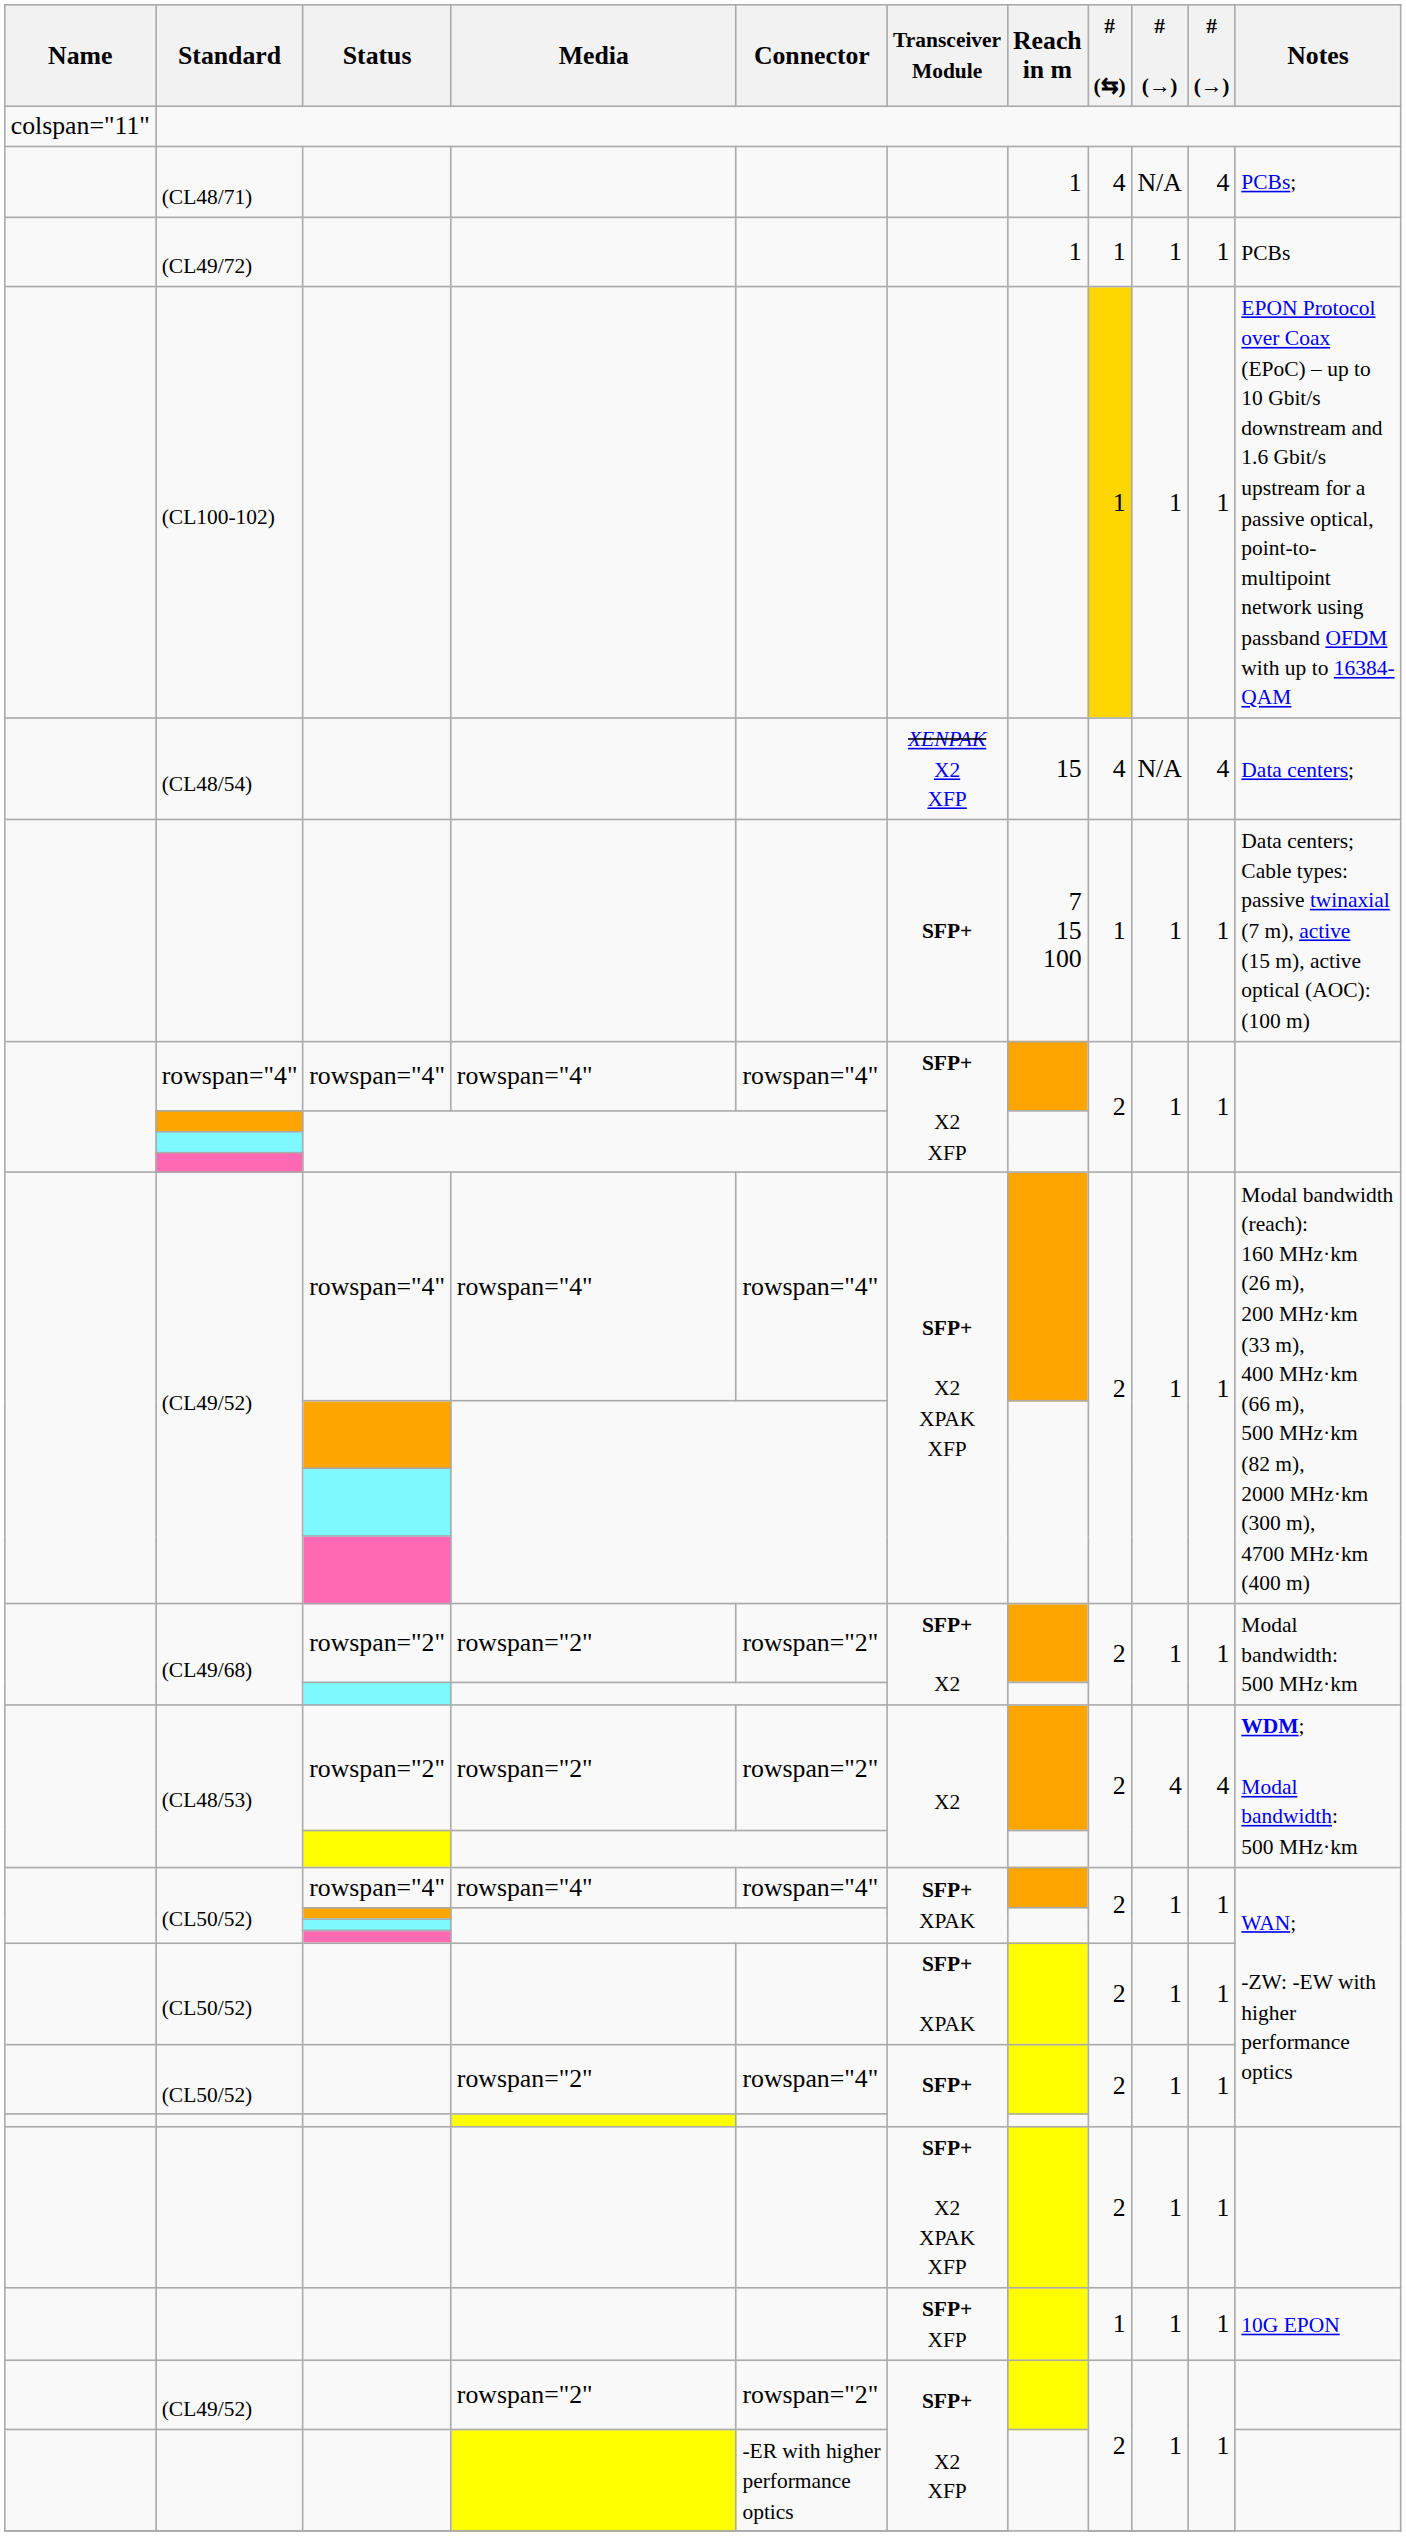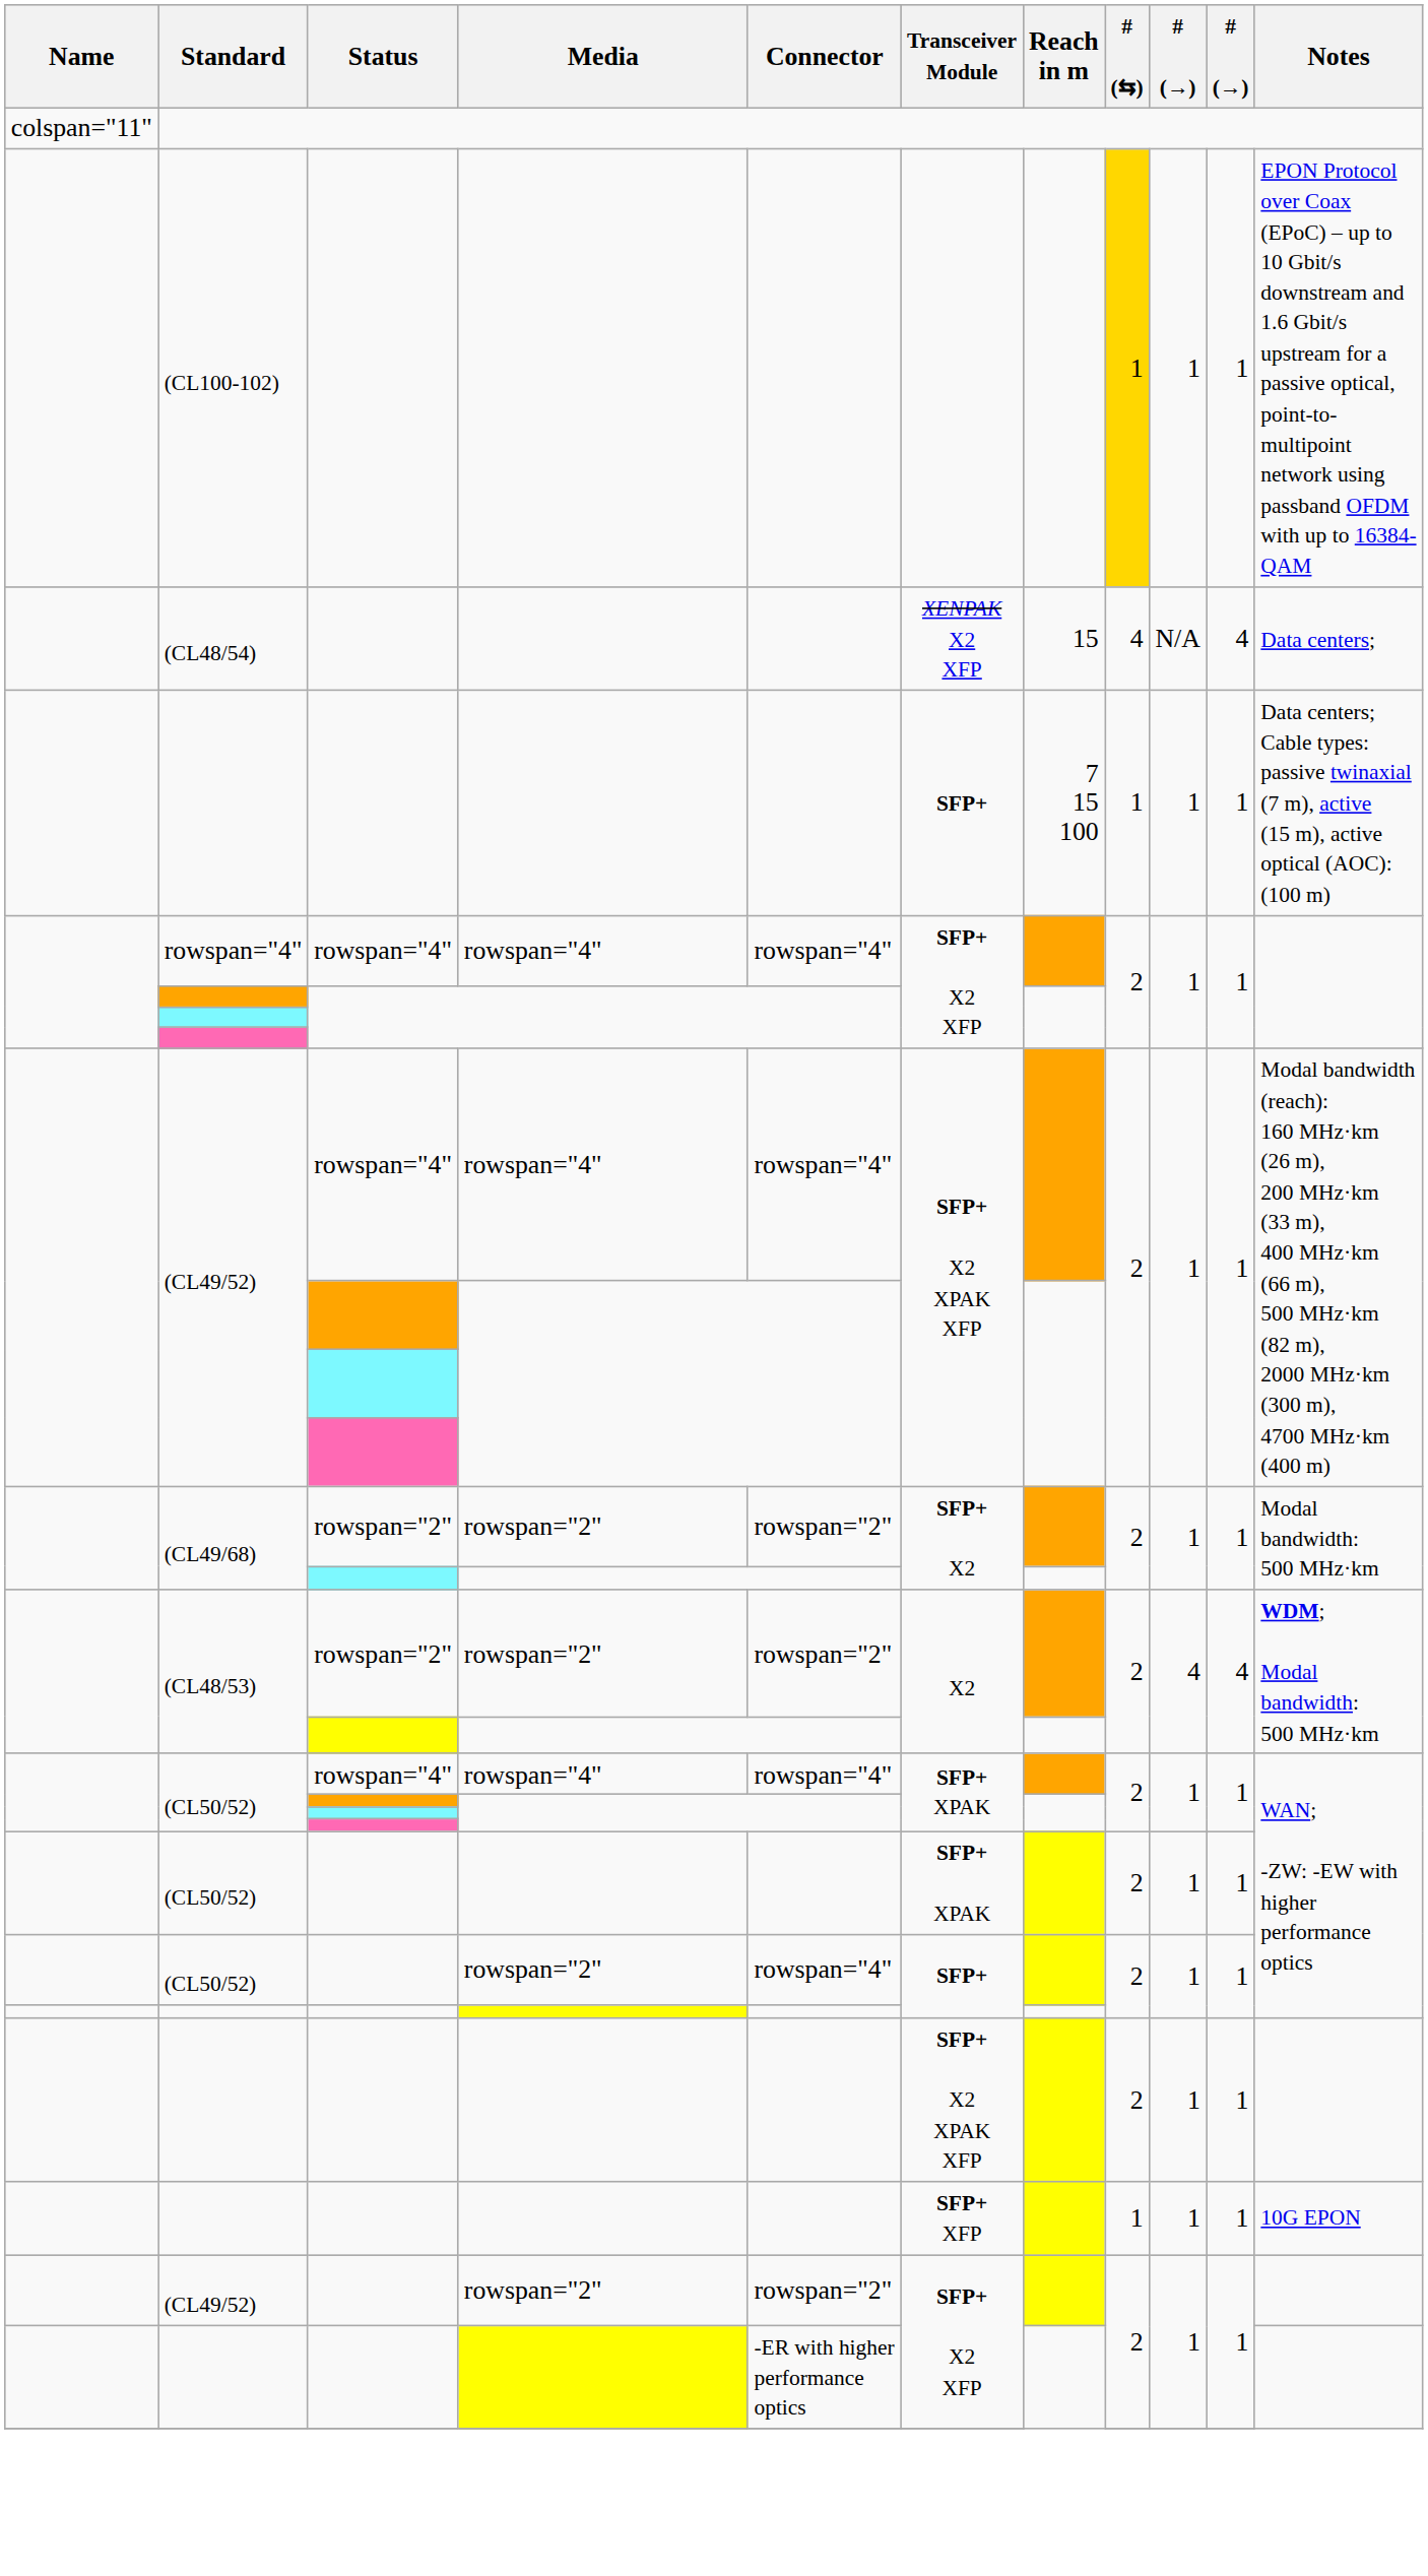 <table class="wikitable" style="line-height:110%;">
 <tr>
 <th>Name</th>
 <th>Standard</th>
 <th>Status</th>
 <th style="width: 170px;">Media</th>
 <th>Connector</th>
 <th><small>Transceiver<br>Module</small></th>
 <th>Reach<br>in m</th>
 <th><small>#<br><br>(⇆)</small></th>
 <th><small>#<br><br>(→)</small></th>
 <th><small>#<br><br>(→)</small></th>
 <th>Notes</th>
 </tr>
 <tr>
 <td>colspan="11"  </td>
-</tr>
-<tr>
-<td></td>
-<td><br><small>(CL48/71)</small></td>
-<td></td>
-<td></td>
-<td></td>
-<td></td>
-<td style="text-align:right;">1</td>
-<td style="text-align:right;">4</td>
-<td style="text-align:right;">N/A</td>
-<td style="text-align:right;">4</td>
-<td><small><a href='#'>PCBs</a>;<br></small></td>
-</tr>
-<tr>
-<td></td>
-<td><br><small>(CL49/72)</small></td>
-<td></td>
-<td></td>
-<td></td>
-<td></td>
-<td style="text-align:right;">1</td>
-<td style="text-align:right;">1</td>
-<td style="text-align:right;">1</td>
-<td style="text-align:right;">1</td>
-<td><small>PCBs</small></td>
 </tr>
 <tr>
 <td></td>
 <td><br><small>(CL100-102)</small></td>
 <td></td>
 <td></td>
 <td></td>
 <td></td>
 <td style="text-align:right;"></td>
 <td style="background: gold; text-align:right;">1</td>
 <td style="text-align:right;">1</td>
 <td style="text-align:right;">1</td>
 <td><small><a href='#'>EPON Protocol over Coax</a> (EPoC) – up to 10 Gbit/s downstream and 1.6 Gbit/s upstream for a passive optical, point-to-multipoint network using passband <a href='#'>OFDM</a> with up to <a href='#'>16384-QAM</a></small></td>
 </tr>
 <tr>
 <td></td>
 <td><br><small>(CL48/54)</small></td>
 <td></td>
 <td></td>
 <td></td>
 <td align="center"><small><em><del><a href='#'>XENPAK</a></del></em> <br><a href='#'>X2</a><br><a href='#'>XFP</a></small></td>
 <td style="text-align:right;">15</td>
 <td style="text-align:right;">4</td>
 <td style="text-align:right;">N/A</td>
 <td style="text-align:right;">4</td>
 <td><small><a href='#'>Data centers</a>;<br></small></td>
 </tr>
 <tr>
 <td><br><small></small></td>
 <td></td>
 <td></td>
 <td></td>
 <td></td>
 <td align="center"><small><strong>SFP+</strong></small></td>
 <td style="text-align:right;">7<br>15<br>100</td>
 <td style="text-align:right;">1</td>
 <td style="text-align:right;">1</td>
 <td style="text-align:right;">1</td>
 <td><small>Data centers;<br>Cable types: passive <a href='#'>twinaxial</a> (7 m), <a href='#'>active</a> (15 m), active optical (AOC): (100 m)</small></td>
 </tr>
 <tr>
 <td rowspan="4"></td>
 <td>rowspan="4" </td>
 <td>rowspan="4" </td>
 <td>rowspan="4" </td>
 <td>rowspan="4" </td>
 <td rowspan="4" align="center"><small><strong>SFP+</strong><br><br>X2<br>XFP</small></td>
 <td style="background-color:orange"></td>
 <td rowspan="4" align="right">2</td>
 <td rowspan="4" align="right">1</td>
 <td rowspan="4" align="right">1</td>
 <td rowspan="4"></td>
 </tr>
 <tr>
 <td style="background-color:orange"></td>
 </tr>
 <tr>
 <td style="background-color:#7DF9FF"></td>
 </tr>
 <tr>
 <td style="background-color:#FF69B4"></td>
 </tr>
 <tr>
 <td rowspan="4"></td>
 <td rowspan="4"><br><small>(CL49/52)</small></td>
 <td>rowspan="4" </td>
 <td>rowspan="4" </td>
 <td>rowspan="4" </td>
 <td rowspan="4" align="center"><small><strong>SFP+</strong><br><br>X2<br>XPAK<br>XFP</small></td>
 <td style="background-color:orange"></td>
 <td rowspan="4" align="right">2</td>
 <td rowspan="4" align="right">1</td>
 <td rowspan="4" align="right">1</td>
 <td rowspan="4"><small>Modal bandwidth (reach): 160 MHz·km (26 m), 200 MHz·km (33 m),<br>400 MHz·km (66 m), 500 MHz·km (82 m), 2000 MHz·km (300 m),<br>4700 MHz·km (400 m)</small></td>
 </tr>
 <tr>
 <td style="background-color:orange"></td>
 </tr>
 <tr>
 <td style="background-color:#7DF9FF"></td>
 </tr>
 <tr>
 <td style="background-color:#FF69B4"></td>
 </tr>
 <tr>
 <td rowspan="2"></td>
 <td rowspan="2"><br><small>(CL49/68)</small></td>
 <td>rowspan="2" </td>
 <td>rowspan="2" </td>
 <td>rowspan="2" </td>
 <td rowspan="2" align="center"><small><strong>SFP+</strong><br><br>X2</small></td>
 <td style="background-color:orange"></td>
 <td rowspan="2" align="right">2</td>
 <td rowspan="2" align="right">1</td>
 <td rowspan="2" align="right">1</td>
 <td rowspan="2"> <small>Modal bandwidth: 500 MHz·km</small></td>
 </tr>
 <tr>
 <td style="background-color:#7DF9FF"></td>
 </tr>
 <tr>
 <td rowspan="2"></td>
 <td rowspan="2"><br><small>(CL48/53)</small></td>
 <td>rowspan="2" </td>
 <td>rowspan="2" </td>
 <td>rowspan="2" </td>
 <td rowspan="2" align="center"><small><br>X2</small></td>
 <td style="background-color:orange"></td>
 <td rowspan="2" align="right">2</td>
 <td rowspan="2" align="right">4</td>
 <td rowspan="2" align="right">4</td>
 <td rowspan="2"><small><strong><a href='#'>WDM</a></strong>; <br><br><a href='#'>Modal bandwidth</a>: 500 MHz·km</small></td>
 </tr>
 <tr>
 <td style="background-color:yellow"></td>
 </tr>
 <tr>
 <td rowspan="4"></td>
 <td rowspan="4"><br><small>(CL50/52)</small></td>
 <td>rowspan="4" </td>
 <td>rowspan="4" </td>
 <td>rowspan="4" </td>
 <td rowspan="4" align="center"><small><strong>SFP+</strong><br>XPAK</small></td>
 <td style="background-color:orange"></td>
 <td rowspan="4" align="right">2</td>
 <td rowspan="4" align="right">1</td>
 <td rowspan="4" align="right">1</td>
 <td rowspan="7"><small><a href='#'>WAN</a>;<br><br>-ZW: -EW with higher performance optics</small></td>
 </tr>
 <tr>
 <td style="background-color:orange"></td>
 </tr>
 <tr>
 <td style="background-color:#7DF9FF"></td>
 </tr>
 <tr>
 <td style="background-color:#FF69B4"></td>
 </tr>
 <tr>
 <td></td>
 <td><br><small>(CL50/52)</small></td>
 <td></td>
 <td></td>
 <td></td>
 <td align="center"><small><strong>SFP+</strong><br><br>XPAK</small></td>
 <td style="background-color:yellow"></td>
 <td style="text-align:right;">2</td>
 <td style="text-align:right;">1</td>
 <td style="text-align:right;">1</td>
 </tr>
 <tr>
 <td></td>
 <td><br><small>(CL50/52)</small></td>
 <td></td>
 <td>rowspan="2" </td>
 <td>rowspan="4" </td>
 <td rowspan="2" align="center"><small><strong>SFP+</strong></small></td>
 <td style="background-color:yellow"></td>
 <td rowspan="2" align="right">2</td>
 <td rowspan="2" align="right">1</td>
 <td rowspan="2" align="right">1</td>
 </tr>
 <tr>
 <td></td>
 <td></td>
 <td></td>
 <td style="background-color:yellow"></td>
 </tr>
 <tr>
 <td></td>
 <td></td>
 <td></td>
 <td></td>
 <td></td>
 <td align="center"><small><strong>SFP+</strong><br><br>X2<br>XPAK<br>XFP</small></td>
 <td style="background-color:yellow"></td>
 <td style="text-align:right;">2</td>
 <td style="text-align:right;">1</td>
 <td style="text-align:right;">1</td>
 <td></td>
 </tr>
 <tr>
 <td></td>
 <td></td>
 <td></td>
 <td></td>
 <td></td>
 <td align="center"><small><strong>SFP+</strong><br>XFP</small></td>
 <td style="background-color:yellow"></td>
 <td style="text-align:right;">1</td>
 <td style="text-align:right;">1</td>
 <td style="text-align:right;">1</td>
 <td><small><a href='#'>10G EPON</a></small></td>
 </tr>
 <tr>
 <td></td>
 <td><br><small>(CL49/52)</small></td>
 <td></td>
 <td>rowspan="2" </td>
 <td>rowspan="2" </td>
 <td rowspan="2" align="center"><small><strong>SFP+</strong><br><br>X2<br>XFP</small></td>
 <td style="background-color:yellow"></td>
 <td rowspan="2" align="right">2</td>
 <td rowspan="2" align="right">1</td>
 <td rowspan="2" align="right">1</td>
 <td></td>
 </tr>
 <tr>
 <td></td>
 <td></td>
 <td></td>
 <td style="background-color:yellow"></td>
 <td><small>-ER with higher performance optics</small></td>
 </tr>
 <tr>
 </tr>
 </table>
